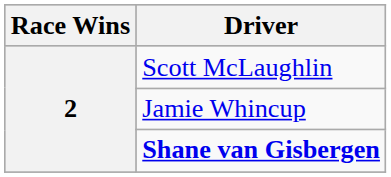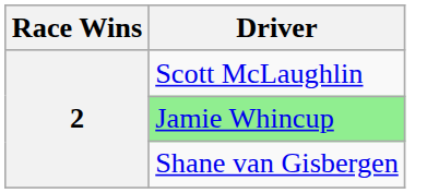 <table class="wikitable plainrowheaders">
 <tr>
 <th>Race Wins</th>
 <th>Driver</th>
 </tr>
 <tr>
 <th rowspan="3">2</th>
 <td> <a href='#'>Scott McLaughlin</a></td>
 </tr>
 <tr>
-<td> <a href='#'>Jamie Whincup</a></td>
+<td style="background: lightgreen;"> <a href='#'>Jamie Whincup</a></td>
 </tr>
 <tr>
-<td><strong> <a href='#'>Shane van Gisbergen</a></strong></td>
+<td> <a href='#'>Shane van Gisbergen</a></td>
 </tr>
 </table>
